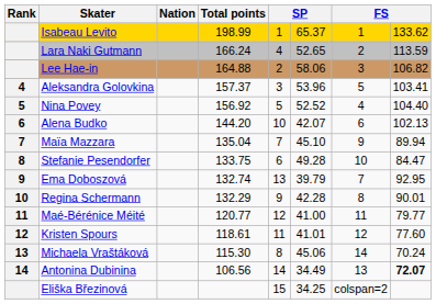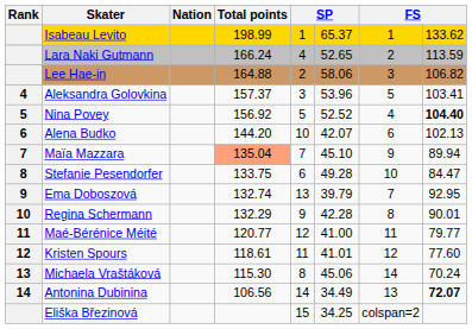 <table class="wikitable sortable" style="text-align:left">
 <tr>
 <th scope="col">Rank</th>
 <th scope="col">Skater</th>
 <th scope="col">Nation</th>
 <th scope="col">Total points</th>
 <th scope="col" colspan="2" width="80px"><a href='#'>SP</a></th>
 <th scope="col" colspan="2" width="80px"><a href='#'>FS</a></th>
 </tr>
 <tr bgcolor="gold">
 <th scope="row"></th>
 <td><a href='#'>Isabeau Levito</a></td>
 <td></td>
 <td align="center">198.99</td>
 <td align="center">1</td>
 <td align="center">65.37</td>
 <td align="center">1</td>
 <td align="center">133.62</td>
 </tr>
 <tr bgcolor="silver">
 <th scope="row"></th>
 <td><a href='#'>Lara Naki Gutmann</a></td>
 <td></td>
 <td align="center">166.24</td>
 <td align="center">4</td>
 <td align="center">52.65</td>
 <td align="center">2</td>
 <td align="center">113.59</td>
 </tr>
 <tr bgcolor="cc9966">
 <th scope="row"></th>
 <td><a href='#'>Lee Hae-in</a></td>
 <td></td>
 <td align="center">164.88</td>
 <td align="center">2</td>
 <td align="center">58.06</td>
 <td align="center">3</td>
 <td align="center">106.82</td>
 </tr>
 <tr>
 <th scope="row">4</th>
 <td><a href='#'>Aleksandra Golovkina</a></td>
 <td></td>
 <td align="center">157.37</td>
 <td align="center">3</td>
 <td align="center">53.96</td>
 <td align="center">5</td>
 <td align="center">103.41</td>
 </tr>
 <tr>
 <th scope="row">5</th>
 <td><a href='#'>Nina Povey</a></td>
 <td></td>
 <td align="center">156.92</td>
 <td align="center">5</td>
 <td align="center">52.52</td>
 <td align="center">4</td>
-<td align="center">104.40</td>
+<td align="center"><strong>104.40</strong></td>
 </tr>
 <tr>
 <th scope="row">6</th>
 <td><a href='#'>Alena Budko</a></td>
 <td></td>
 <td align="center">144.20</td>
 <td align="center">10</td>
 <td align="center">42.07</td>
 <td align="center">6</td>
 <td align="center">102.13</td>
 </tr>
 <tr>
 <th scope="row">7</th>
 <td><a href='#'>Maïa Mazzara</a></td>
 <td></td>
-<td align="center">135.04</td>
+<td align="center" style="background: lightsalmon;">135.04</td>
 <td align="center">7</td>
 <td align="center">45.10</td>
 <td align="center">9</td>
 <td align="center">89.94</td>
 </tr>
 <tr>
 <th scope="row">8</th>
 <td><a href='#'>Stefanie Pesendorfer</a></td>
 <td></td>
 <td align="center">133.75</td>
 <td align="center">6</td>
 <td align="center">49.28</td>
 <td align="center">10</td>
 <td align="center">84.47</td>
 </tr>
 <tr>
 <th scope="row">9</th>
 <td><a href='#'>Ema Doboszová</a></td>
 <td></td>
 <td align="center">132.74</td>
 <td align="center">13</td>
 <td align="center">39.79</td>
 <td align="center">7</td>
 <td align="center">92.95</td>
 </tr>
 <tr>
 <th scope="row">10</th>
 <td><a href='#'>Regina Schermann</a></td>
 <td></td>
 <td align="center">132.29</td>
 <td align="center">9</td>
 <td align="center">42.28</td>
 <td align="center">8</td>
 <td align="center">90.01</td>
 </tr>
 <tr>
 <th scope="row">11</th>
 <td><a href='#'>Maé-Bérénice Méité</a></td>
 <td></td>
 <td align="center">120.77</td>
 <td align="center">12</td>
 <td align="center">41.00</td>
 <td align="center">11</td>
 <td align="center">79.77</td>
 </tr>
 <tr>
 <th scope="row">12</th>
 <td><a href='#'>Kristen Spours</a></td>
 <td></td>
 <td align="center">118.61</td>
 <td align="center">11</td>
 <td align="center">41.01</td>
 <td align="center">12</td>
 <td align="center">77.60</td>
 </tr>
 <tr>
 <th scope="row">13</th>
 <td><a href='#'>Michaela Vraštáková</a></td>
 <td></td>
 <td align="center">115.30</td>
 <td align="center">8</td>
 <td align="center">45.06</td>
 <td align="center">14</td>
 <td align="center">70.24</td>
 </tr>
 <tr>
 <th scope="row">14</th>
 <td><a href='#'>Antonina Dubinina</a></td>
 <td></td>
 <td align="center">106.56</td>
 <td align="center">14</td>
 <td align="center">34.49</td>
 <td align="center">13</td>
 <td align="center"><strong>72.07</strong></td>
 </tr>
 <tr>
 <th scope="row"></th>
 <td><a href='#'>Eliška Březinová</a></td>
 <td></td>
 <td></td>
 <td align="center">15</td>
 <td align="center">34.25</td>
 <td>colspan=2 </td>
 </tr>
 </table>
